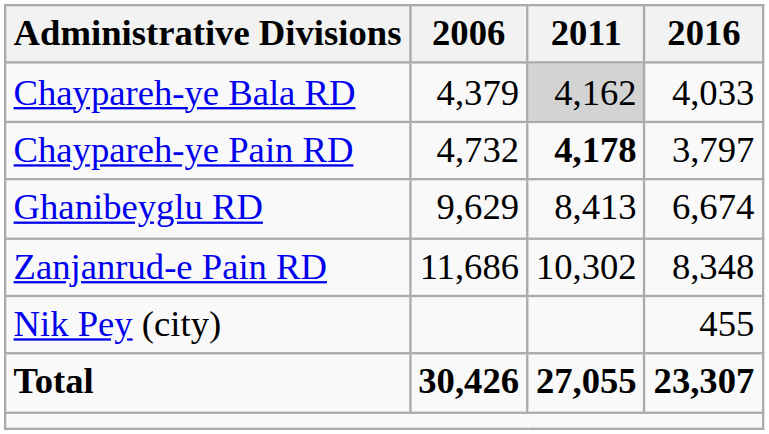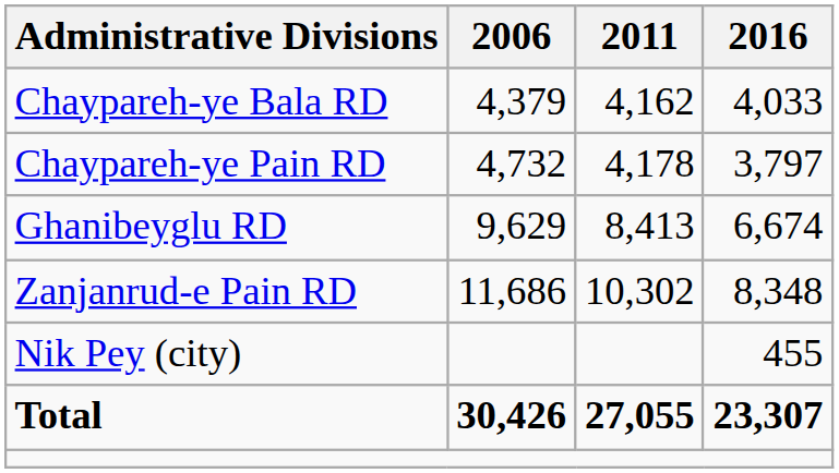 <table class="wikitable">
 <tr>
 <th>Administrative Divisions</th>
 <th>2006</th>
 <th>2011</th>
 <th>2016</th>
 </tr>
 <tr>
 <td><a href='#'>Chaypareh-ye Bala RD</a></td>
 <td style="text-align: right;">4,379</td>
-<td style="background: lightgrey; text-align: right;">4,162</td>
+<td style="text-align: right;">4,162</td>
 <td style="text-align: right;">4,033</td>
 </tr>
 <tr>
 <td><a href='#'>Chaypareh-ye Pain RD</a></td>
 <td style="text-align: right;">4,732</td>
-<td style="text-align: right;"><strong>4,178</strong></td>
+<td style="text-align: right;">4,178</td>
 <td style="text-align: right;">3,797</td>
 </tr>
 <tr>
 <td><a href='#'>Ghanibeyglu RD</a></td>
 <td style="text-align: right;">9,629</td>
 <td style="text-align: right;">8,413</td>
 <td style="text-align: right;">6,674</td>
 </tr>
 <tr>
 <td><a href='#'>Zanjanrud-e Pain RD</a></td>
 <td style="text-align: right;">11,686</td>
 <td style="text-align: right;">10,302</td>
 <td style="text-align: right;">8,348</td>
 </tr>
 <tr>
 <td><a href='#'>Nik Pey</a> (city)</td>
 <td style="text-align: right;"></td>
 <td style="text-align: right;"></td>
 <td style="text-align: right;">455</td>
 </tr>
 <tr>
 <td><strong>Total</strong></td>
 <td style="text-align: right;"><strong>30,426</strong></td>
 <td style="text-align: right;"><strong>27,055</strong></td>
 <td style="text-align: right;"><strong>23,307</strong></td>
 </tr>
 <tr>
 <td colspan=4></td>
 </tr>
 </table>
